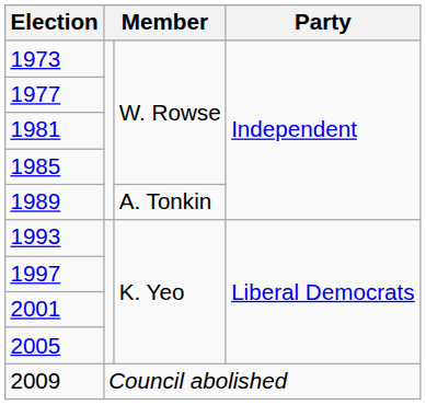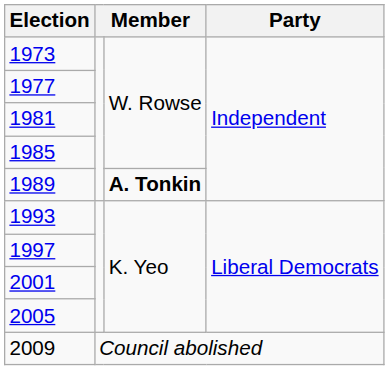 <table class="wikitable">
 <tr>
 <th>Election</th>
 <th colspan="2">Member</th>
 <th>Party</th>
 </tr>
 <tr>
 <td><a href='#'>1973</a></td>
 <td rowspan="5" style="background-color: "></td>
 <td rowspan="4">W. Rowse</td>
 <td rowspan="5"><a href='#'>Independent</a></td>
 </tr>
 <tr>
 <td><a href='#'>1977</a></td>
 </tr>
 <tr>
 <td><a href='#'>1981</a></td>
 </tr>
 <tr>
 <td><a href='#'>1985</a></td>
 </tr>
 <tr>
 <td><a href='#'>1989</a></td>
-<td>A. Tonkin</td>
+<td><strong>A. Tonkin</strong></td>
 </tr>
 <tr>
 <td><a href='#'>1993</a></td>
 <td rowspan="4" style="background-color: "></td>
 <td rowspan="4">K. Yeo</td>
 <td rowspan="4"><a href='#'>Liberal Democrats</a></td>
 </tr>
 <tr>
 <td><a href='#'>1997</a></td>
 </tr>
 <tr>
 <td><a href='#'>2001</a></td>
 </tr>
 <tr>
 <td><a href='#'>2005</a></td>
 </tr>
 <tr>
 <td>2009</td>
 <td colspan="3"><em>Council abolished</em></td>
 </tr>
 </table>
